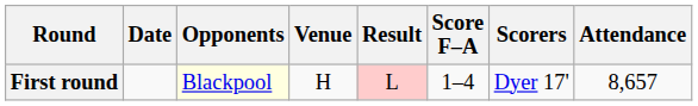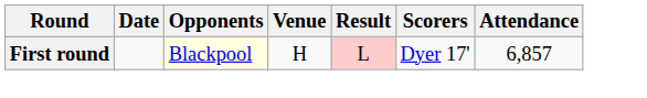 <table class="wikitable plainrowheaders sortable" style="text-align:center">
 <tr>
 <th scope="col">Round</th>
 <th scope="col">Date</th>
 <th scope="col">Opponents</th>
 <th scope="col">Venue</th>
 <th scope="col">Result</th>
-<th scope="col">Score<br>F–A</th>
 <th scope="col" class="unsortable">Scorers</th>
 <th scope="col">Attendance</th>
 </tr>
 <tr>
 <th scope=row>First round</th>
 <td align=left></td>
 <td align=left style="background: lightyellow;"><a href='#'>Blackpool</a></td>
 <td>H</td>
 <td bgcolor="FFCCCC">L</td>
-<td>1–4</td>
 <td align=left><a href='#'>Dyer</a> 17'</td>
-<td>8,657</td>
+<td>6,857</td>
 </tr>
 </table>
